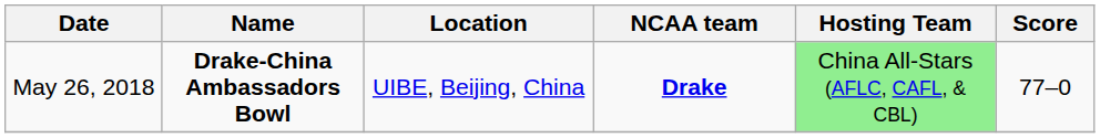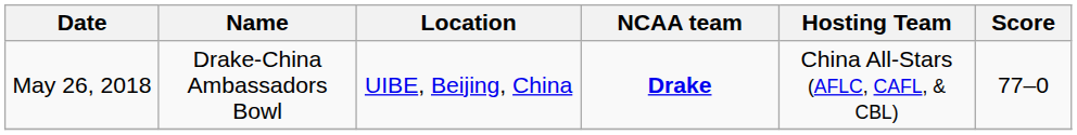 <table class="wikitable" style="text-align:center;">
 <tr>
 <th style="width:100px">Date</th>
 <th style="width:130px">Name</th>
 <th style="width:150px">Location</th>
 <th style="width:130px">NCAA team</th>
 <th style="width:130px">Hosting Team</th>
 <th style="width:60px;">Score</th>
 </tr>
 <tr>
 <td>May 26, 2018</td>
-<td><strong>Drake-China Ambassadors Bowl</strong></td>
+<td>Drake-China Ambassadors Bowl</td>
 <td><a href='#'>UIBE</a>, <a href='#'>Beijing</a>, <a href='#'>China</a></td>
 <td><strong><a href='#'>Drake</a></strong></td>
-<td style="background: lightgreen;">China All-Stars<br><small>(<a href='#'>AFLC</a>, <a href='#'>CAFL</a>, & CBL)</small></td>
+<td>China All-Stars<br><small>(<a href='#'>AFLC</a>, <a href='#'>CAFL</a>, & CBL)</small></td>
 <td>77–0</td>
 </tr>
 <tr>
 </tr>
 </table>
